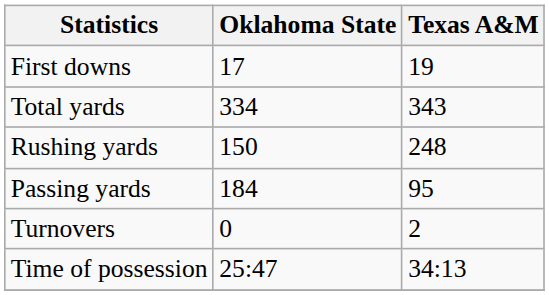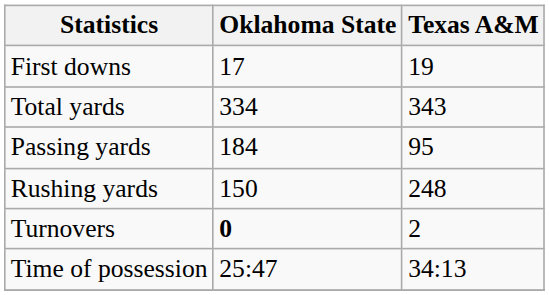 <table class="wikitable" style="float: left;">
 <tr>
 <th>Statistics</th>
 <th>Oklahoma State</th>
 <th>Texas A&M</th>
 </tr>
 <tr>
 <td>First downs</td>
 <td>17</td>
 <td>19</td>
 </tr>
 <tr>
 <td>Total yards</td>
 <td>334</td>
 <td>343</td>
 </tr>
 <tr>
+<td>Passing yards</td>
+<td>184</td>
+<td>95</td>
+</tr>
+<tr>
 <td>Rushing yards</td>
 <td>150</td>
 <td>248</td>
 </tr>
 <tr>
-<td>Passing yards</td>
-<td>184</td>
-<td>95</td>
-</tr>
-<tr>
 <td>Turnovers</td>
-<td>0</td>
+<td><strong>0</strong></td>
 <td>2</td>
 </tr>
 <tr>
 <td>Time of possession</td>
 <td>25:47</td>
 <td>34:13</td>
 </tr>
 <tr>
 </tr>
 </table>
